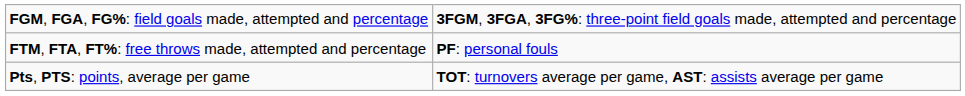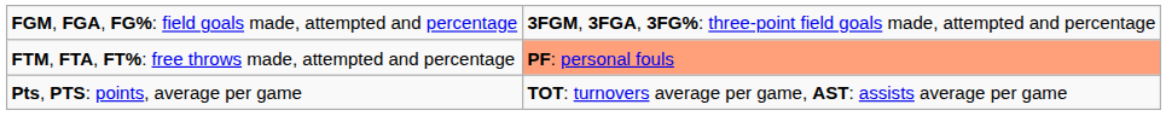 <table style="margin:auto;"  class="wikitable">
 <tr>
 <td><small><strong>FGM</strong>, <strong>FGA</strong>, <strong>FG%</strong>: <a href='#'>field goals</a> made, attempted and <a href='#'>percentage</a></small></td>
 <td><small><strong>3FGM</strong>, <strong>3FGA</strong>, <strong>3FG%</strong>: <a href='#'>three-point field goals</a> made, attempted and percentage</small></td>
 </tr>
 <tr>
 <td><small><strong>FTM</strong>, <strong>FTA</strong>, <strong>FT%</strong>: <a href='#'>free throws</a> made, attempted and percentage</small></td>
-<td><small><strong>PF</strong>: <a href='#'>personal fouls</a></small></td>
+<td style="background: lightsalmon;"><small><strong>PF</strong>: <a href='#'>personal fouls</a></small></td>
 </tr>
 <tr>
 <td><small><strong>Pts</strong>, <strong>PTS</strong>: <a href='#'>points</a>, average per game</small></td>
 <td><small><strong>TOT</strong>: <a href='#'>turnovers</a> average per game, <strong>AST</strong>: <a href='#'>assists</a> average per game</small></td>
 </tr>
 </table>
